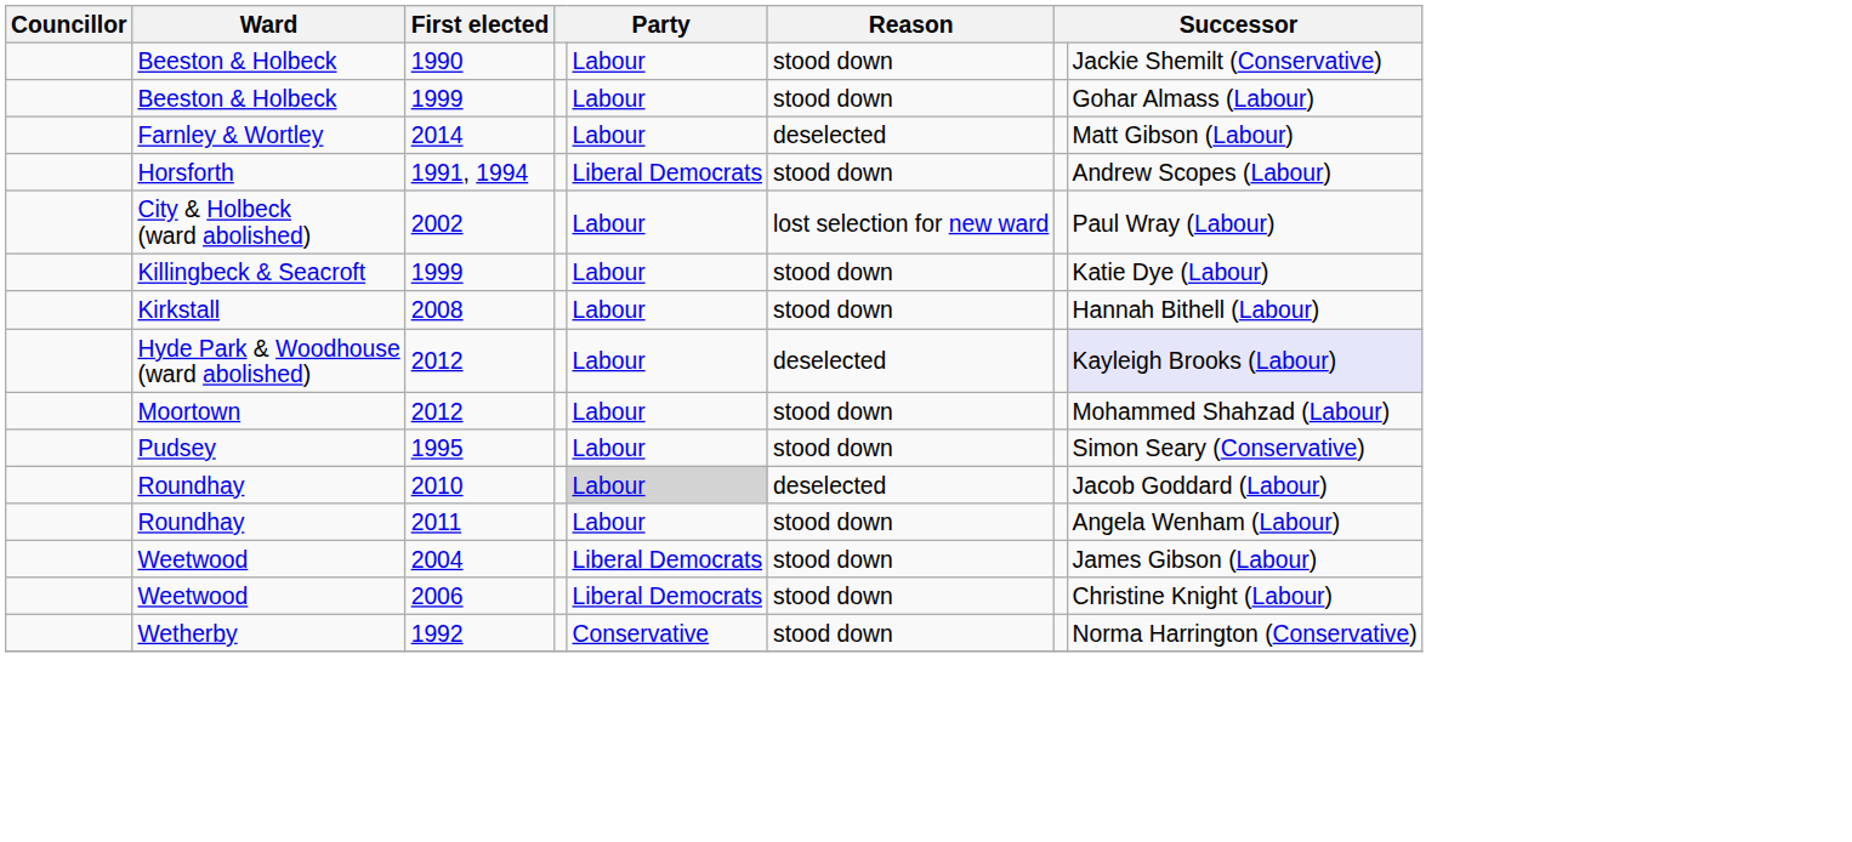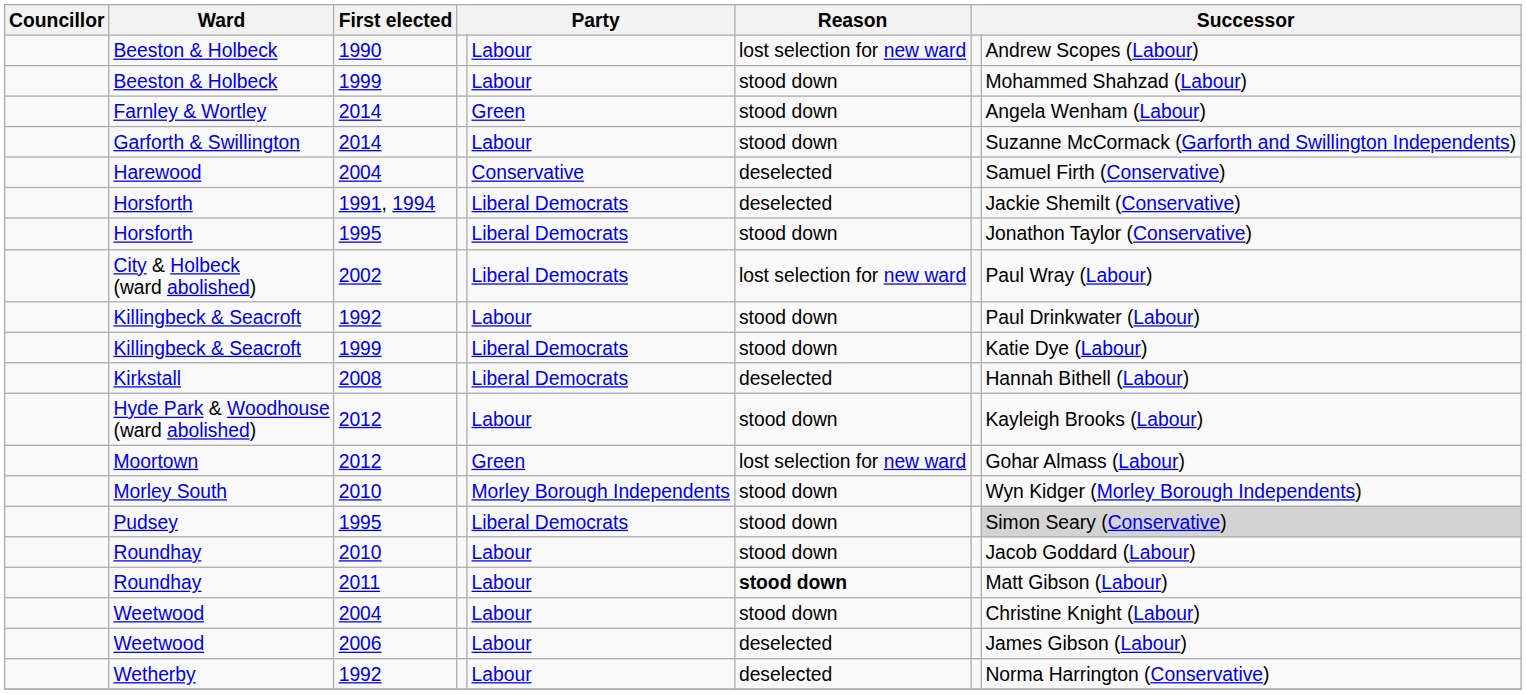 <table class="wikitable sortable" style="font-size:95%;">
 <tr>
 <th scope="col">Councillor</th>
 <th scope="col">Ward</th>
 <th scope="col">First elected</th>
 <th colspan="2" scope="col">Party</th>
 <th scope="col">Reason</th>
 <th colspan="2" scope="col">Successor</th>
 </tr>
 <tr>
 <td></td>
 <td><a href='#'>Beeston & Holbeck</a></td>
 <td><a href='#'>1990</a></td>
 <td width="1" style="color:inherit;background:"></td>
 <td><a href='#'>Labour</a></td>
-<td>stood down</td>
+<td>lost selection for <a href='#'>new ward</a></td>
 <td width="1" style="color:inherit;background:"></td>
-<td>Jackie Shemilt (<a href='#'>Conservative</a>)</td>
+<td>Andrew Scopes (<a href='#'>Labour</a>)</td>
 </tr>
 <tr>
 <td></td>
 <td><a href='#'>Beeston & Holbeck</a></td>
 <td><a href='#'>1999</a></td>
 <td width="1" style="color:inherit;background:"></td>
 <td><a href='#'>Labour</a></td>
 <td>stood down</td>
 <td width="1" style="color:inherit;background:"></td>
-<td>Gohar Almass (<a href='#'>Labour</a>)</td>
+<td>Mohammed Shahzad (<a href='#'>Labour</a>)</td>
 </tr>
 <tr>
 <td></td>
 <td><a href='#'>Farnley & Wortley</a></td>
 <td><a href='#'>2014</a></td>
 <td width="1" style="color:inherit;background:"></td>
+<td><a href='#'>Green</a></td>
+<td>stood down</td>
+<td width="1" style="color:inherit;background:"></td>
+<td>Angela Wenham (<a href='#'>Labour</a>)</td>
+</tr>
+<tr>
+<td></td>
+<td><a href='#'>Garforth & Swillington</a></td>
+<td><a href='#'>2014</a></td>
+<td width="1" style="color:inherit;background:"></td>
 <td><a href='#'>Labour</a></td>
+<td>stood down</td>
+<td width="1" style="color:inherit;background:"></td>
+<td>Suzanne McCormack (<a href='#'>Garforth and Swillington Independents</a>)</td>
+</tr>
+<tr>
+<td></td>
+<td><a href='#'>Harewood</a></td>
+<td><a href='#'>2004</a></td>
+<td width="1" style="color:inherit;background:"></td>
+<td><a href='#'>Conservative</a></td>
 <td>deselected</td>
 <td width="1" style="color:inherit;background:"></td>
-<td>Matt Gibson (<a href='#'>Labour</a>)</td>
+<td>Samuel Firth (<a href='#'>Conservative</a>)</td>
 </tr>
 <tr>
 <td></td>
 <td><a href='#'>Horsforth</a></td>
 <td><a href='#'>1991</a>, <a href='#'>1994</a></td>
 <td width="1" style="color:inherit;background:"></td>
 <td><a href='#'>Liberal Democrats</a></td>
+<td>deselected</td>
+<td width="1" style="color:inherit;background:"></td>
+<td>Jackie Shemilt (<a href='#'>Conservative</a>)</td>
+</tr>
+<tr>
+<td></td>
+<td><a href='#'>Horsforth</a></td>
+<td><a href='#'>1995</a></td>
+<td width="1" style="color:inherit;background:"></td>
+<td><a href='#'>Liberal Democrats</a></td>
 <td>stood down</td>
 <td width="1" style="color:inherit;background:"></td>
-<td>Andrew Scopes (<a href='#'>Labour</a>)</td>
+<td>Jonathon Taylor (<a href='#'>Conservative</a>)</td>
 </tr>
 <tr>
 <td></td>
 <td><a href='#'>City</a> & <a href='#'>Holbeck</a> <br>(ward <a href='#'>abolished</a>)</td>
 <td><a href='#'>2002</a></td>
 <td width="1" style="color:inherit;background:"></td>
-<td><a href='#'>Labour</a></td>
+<td><a href='#'>Liberal Democrats</a></td>
 <td>lost selection for <a href='#'>new ward</a></td>
 <td width="1" style="color:inherit;background:"></td>
 <td>Paul Wray (<a href='#'>Labour</a>)</td>
 </tr>
 <tr>
 <td></td>
 <td><a href='#'>Killingbeck & Seacroft</a></td>
+<td><a href='#'>1992</a></td>
+<td width="1" style="color:inherit;background:"></td>
+<td><a href='#'>Labour</a></td>
+<td>stood down</td>
+<td width="1" style="color:inherit;background:"></td>
+<td>Paul Drinkwater (<a href='#'>Labour</a>)</td>
+</tr>
+<tr>
+<td></td>
+<td><a href='#'>Killingbeck & Seacroft</a></td>
 <td><a href='#'>1999</a></td>
 <td width="1" style="color:inherit;background:"></td>
-<td><a href='#'>Labour</a></td>
+<td><a href='#'>Liberal Democrats</a></td>
 <td>stood down</td>
 <td width="1" style="color:inherit;background:"></td>
 <td>Katie Dye (<a href='#'>Labour</a>)</td>
 </tr>
 <tr>
 <td></td>
 <td><a href='#'>Kirkstall</a></td>
 <td><a href='#'>2008</a></td>
 <td width="1" style="color:inherit;background:"></td>
-<td><a href='#'>Labour</a></td>
-<td>stood down</td>
+<td><a href='#'>Liberal Democrats</a></td>
+<td>deselected</td>
 <td width="1" style="color:inherit;background:"></td>
 <td>Hannah Bithell (<a href='#'>Labour</a>)</td>
 </tr>
 <tr>
 <td></td>
 <td><a href='#'>Hyde Park</a> & <a href='#'>Woodhouse</a> <br>(ward <a href='#'>abolished</a>)</td>
 <td><a href='#'>2012</a></td>
 <td width="1" style="color:inherit;background:"></td>
 <td><a href='#'>Labour</a></td>
-<td>deselected</td>
+<td>stood down</td>
 <td width="1" style="color:inherit;background:"></td>
-<td style="background: lavender;">Kayleigh Brooks (<a href='#'>Labour</a>)</td>
+<td>Kayleigh Brooks (<a href='#'>Labour</a>)</td>
 </tr>
 <tr>
 <td></td>
 <td><a href='#'>Moortown</a></td>
 <td><a href='#'>2012</a></td>
 <td width="1" style="color:inherit;background:"></td>
-<td><a href='#'>Labour</a></td>
+<td><a href='#'>Green</a></td>
+<td>lost selection for <a href='#'>new ward</a></td>
+<td width="1" style="color:inherit;background:"></td>
+<td>Gohar Almass (<a href='#'>Labour</a>)</td>
+</tr>
+<tr>
+<td></td>
+<td><a href='#'>Morley South</a></td>
+<td><a href='#'>2010</a></td>
+<td width="1" style="color:inherit;background:"></td>
+<td><a href='#'>Morley Borough Independents</a></td>
 <td>stood down</td>
 <td width="1" style="color:inherit;background:"></td>
-<td>Mohammed Shahzad (<a href='#'>Labour</a>)</td>
+<td>Wyn Kidger (<a href='#'>Morley Borough Independents</a>)</td>
 </tr>
 <tr>
 <td></td>
 <td><a href='#'>Pudsey</a></td>
 <td><a href='#'>1995</a></td>
 <td width="1" style="color:inherit;background:"></td>
-<td><a href='#'>Labour</a></td>
+<td><a href='#'>Liberal Democrats</a></td>
 <td>stood down</td>
 <td width="1" style="color:inherit;background:"></td>
-<td>Simon Seary (<a href='#'>Conservative</a>)</td>
+<td style="background: lightgrey;">Simon Seary (<a href='#'>Conservative</a>)</td>
 </tr>
 <tr>
 <td></td>
 <td><a href='#'>Roundhay</a></td>
 <td><a href='#'>2010</a></td>
 <td width="1" style="color:inherit;background:"></td>
-<td style="background: lightgrey;"><a href='#'>Labour</a></td>
-<td>deselected</td>
+<td><a href='#'>Labour</a></td>
+<td>stood down</td>
 <td width="1" style="color:inherit;background:"></td>
 <td>Jacob Goddard (<a href='#'>Labour</a>)</td>
 </tr>
 <tr>
 <td></td>
 <td><a href='#'>Roundhay</a></td>
 <td><a href='#'>2011</a></td>
 <td width="1" style="color:inherit;background:"></td>
 <td><a href='#'>Labour</a></td>
-<td>stood down</td>
+<td><strong>stood down</strong></td>
 <td width="1" style="color:inherit;background:"></td>
-<td>Angela Wenham (<a href='#'>Labour</a>)</td>
+<td>Matt Gibson (<a href='#'>Labour</a>)</td>
 </tr>
 <tr>
 <td></td>
 <td><a href='#'>Weetwood</a></td>
 <td><a href='#'>2004</a></td>
 <td width="1" style="color:inherit;background:"></td>
-<td><a href='#'>Liberal Democrats</a></td>
+<td><a href='#'>Labour</a></td>
 <td>stood down</td>
 <td width="1" style="color:inherit;background:"></td>
-<td>James Gibson (<a href='#'>Labour</a>)</td>
+<td>Christine Knight (<a href='#'>Labour</a>)</td>
 </tr>
 <tr>
 <td></td>
 <td><a href='#'>Weetwood</a></td>
 <td><a href='#'>2006</a></td>
 <td width="1" style="color:inherit;background:"></td>
-<td><a href='#'>Liberal Democrats</a></td>
-<td>stood down</td>
+<td><a href='#'>Labour</a></td>
+<td>deselected</td>
 <td width="1" style="color:inherit;background:"></td>
-<td>Christine Knight (<a href='#'>Labour</a>)</td>
+<td>James Gibson (<a href='#'>Labour</a>)</td>
 </tr>
 <tr>
 <td></td>
 <td><a href='#'>Wetherby</a></td>
 <td><a href='#'>1992</a></td>
 <td width="1" style="color:inherit;background:"></td>
-<td><a href='#'>Conservative</a></td>
-<td>stood down</td>
+<td><a href='#'>Labour</a></td>
+<td>deselected</td>
 <td width="1" style="color:inherit;background:"></td>
 <td>Norma Harrington (<a href='#'>Conservative</a>)</td>
 </tr>
 <tr>
 </tr>
 </table>
